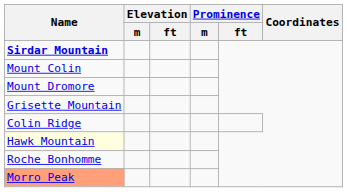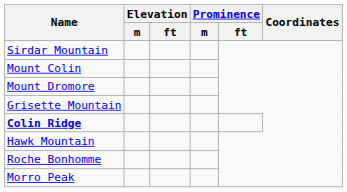 <table class="wikitable sortable">
 <tr>
 <th rowspan=2>Name</th>
 <th colspan=2>Elevation</th>
 <th colspan=2><a href='#'>Prominence</a></th>
 <th rowspan=2>Coordinates</th>
 </tr>
 <tr>
 <th>m</th>
 <th>ft</th>
 <th>m</th>
 <th>ft</th>
 </tr>
 <tr>
-<td><strong><a href='#'>Sirdar Mountain</a></strong></td>
+<td><a href='#'>Sirdar Mountain</a></td>
 <td></td>
 <td></td>
 <td></td>
 </tr>
 <tr>
 <td><a href='#'>Mount Colin</a></td>
 <td></td>
 <td></td>
 <td></td>
 </tr>
 <tr>
 <td><a href='#'>Mount Dromore</a></td>
 <td></td>
 <td></td>
 <td></td>
 </tr>
 <tr>
 <td><a href='#'>Grisette Mountain</a></td>
 <td></td>
 <td></td>
 <td></td>
 </tr>
 <tr>
-<td><a href='#'>Colin Ridge</a></td>
+<td><strong><a href='#'>Colin Ridge</a></strong></td>
 <td></td>
 <td> </td>
 <td> </td>
 <td></td>
 </tr>
 <tr>
-<td style="background: lightyellow;"><a href='#'>Hawk Mountain</a></td>
+<td><a href='#'>Hawk Mountain</a></td>
 <td></td>
 <td></td>
 <td></td>
 </tr>
 <tr>
 <td><a href='#'>Roche Bonhomme</a></td>
 <td></td>
 <td></td>
 <td></td>
 </tr>
 <tr>
-<td style="background: lightsalmon;"><a href='#'>Morro Peak</a></td>
+<td><a href='#'>Morro Peak</a></td>
 <td></td>
 <td></td>
 <td></td>
 </tr>
 </table>
